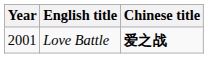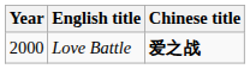 <table class="wikitable sortable">
 <tr>
 <th>Year</th>
 <th>English title</th>
 <th>Chinese title</th>
 </tr>
 <tr>
-<td>2001</td>
+<td>2000</td>
 <td><em>Love Battle</em></td>
 <td><strong>爱之战</strong></td>
 </tr>
 </table>
